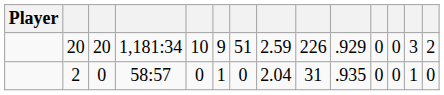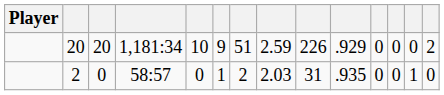 <table class="wikitable sortable" style="text-align:center;">
 <tr>
 <th>Player</th>
 <th></th>
 <th></th>
 <th></th>
 <th></th>
 <th></th>
 <th></th>
 <th></th>
 <th></th>
 <th></th>
 <th></th>
 <th></th>
 <th></th>
 <th></th>
 </tr>
 <tr>
 <td style="text-align:left;"></td>
 <td>20</td>
 <td>20</td>
 <td>1,181:34</td>
 <td>10</td>
 <td>9</td>
 <td>51</td>
 <td>2.59</td>
 <td>226</td>
 <td>.929</td>
 <td>0</td>
 <td>0</td>
-<td>3</td>
+<td>0</td>
 <td>2</td>
 </tr>
 <tr>
 <td style="text-align:left;"></td>
 <td>2</td>
 <td>0</td>
 <td>58:57</td>
 <td>0</td>
 <td>1</td>
-<td>0</td>
-<td>2.04</td>
+<td>2</td>
+<td>2.03</td>
 <td>31</td>
 <td>.935</td>
 <td>0</td>
 <td>0</td>
 <td>1</td>
 <td>0</td>
 </tr>
 </table>
